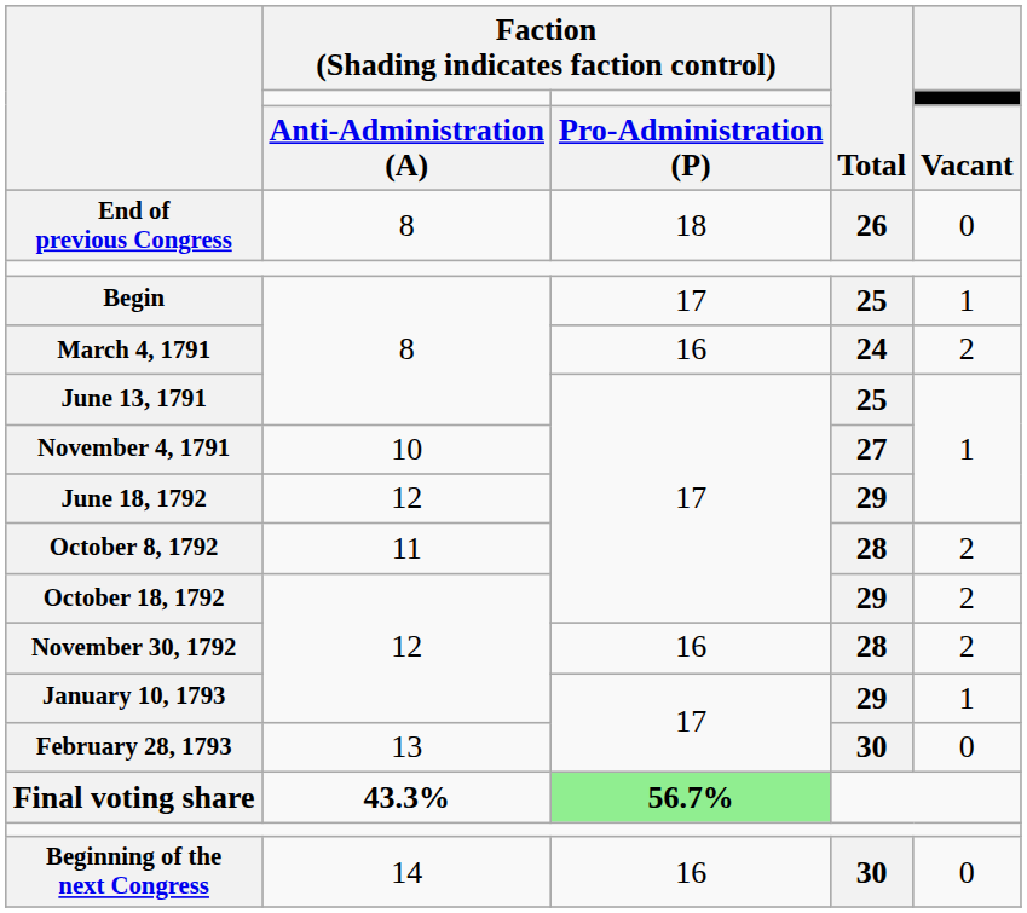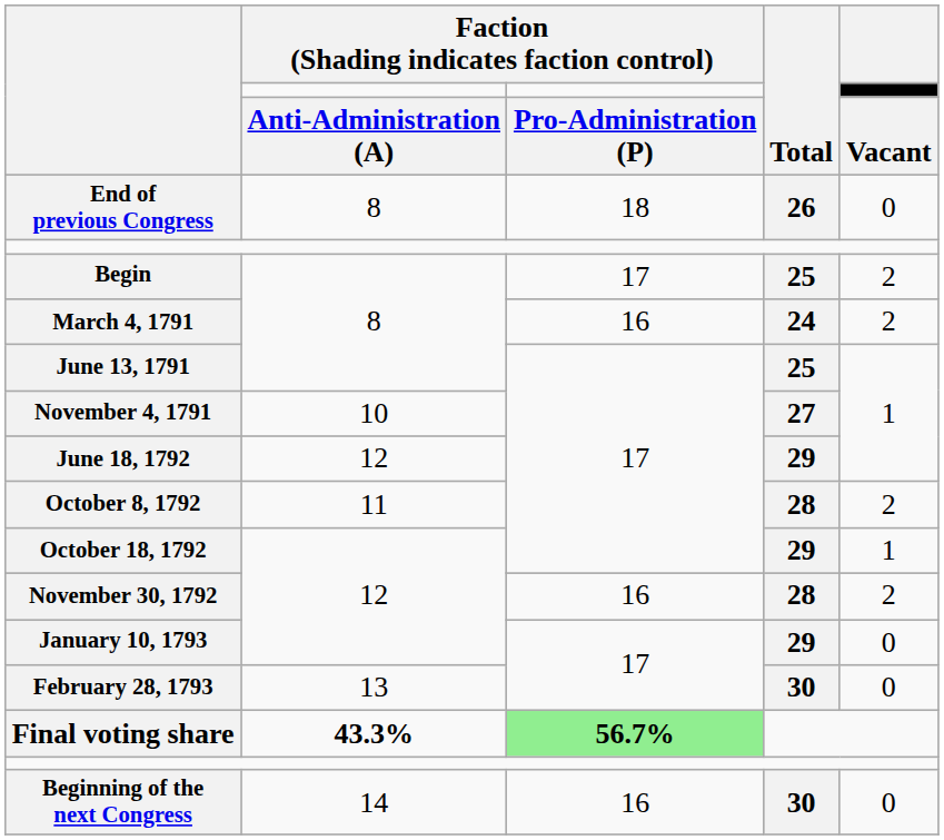 <table class=wikitable style="text-align:center">
 <tr style="vertical-align:bottom;">
 <th rowspan=3></th>
 <th colspan=2>Faction <div>(Shading indicates faction control)</div></th>
 <th rowspan=3>Total</th>
 <th></th>
 </tr>
 <tr style="height:5px">
 <td style="background-color:"></td>
 <td style="background-color:"></td>
 <td style="background-color:black"></td>
 </tr>
 <tr valign= bottom>
 <th><a href='#'>Anti-Administration</a><br>(A)</th>
 <th><a href='#'>Pro-Administration</a><br>(P)</th>
 <th>Vacant</th>
 </tr>
 <tr>
 <th nowrap style="font-size:80%">End of<br><a href='#'>previous Congress</a></th>
 <td>8</td>
 <td>18</td>
 <th>26</th>
 <td>0</td>
 </tr>
 <tr>
 <td colspan=5></td>
 </tr>
 <tr>
 <th nowrap style="font-size:80%">Begin</th>
 <td rowspan=3>8</td>
 <td>17</td>
 <th>25</th>
-<td>1</td>
+<td>2</td>
 </tr>
 <tr>
 <th nowrap style="font-size:80%">March 4, 1791</th>
 <td>16</td>
 <th>24</th>
 <td>2</td>
 </tr>
 <tr>
 <th nowrap style="font-size:80%">June 13, 1791</th>
 <td rowspan=5 >17</td>
 <th>25</th>
 <td rowspan=3>1</td>
 </tr>
 <tr>
 <th nowrap style="font-size:80%">November 4, 1791</th>
 <td>10</td>
 <th>27</th>
 </tr>
 <tr>
 <th nowrap style="font-size:80%">June 18, 1792</th>
 <td>12</td>
 <th>29</th>
 </tr>
 <tr>
 <th nowrap style="font-size:80%">October 8, 1792</th>
 <td>11</td>
 <th>28</th>
 <td>2</td>
 </tr>
 <tr>
 <th nowrap style="font-size:80%">October 18, 1792</th>
 <td rowspan=3>12</td>
 <th>29</th>
-<td>2</td>
+<td>1</td>
 </tr>
 <tr>
 <th nowrap style="font-size:80%">November 30, 1792</th>
 <td>16</td>
 <th>28</th>
 <td>2</td>
 </tr>
 <tr>
 <th nowrap style="font-size:80%">January 10, 1793</th>
 <td rowspan=2 >17</td>
 <th>29</th>
-<td>1</td>
+<td>0</td>
 </tr>
 <tr>
 <th nowrap style="font-size:80%">February 28, 1793</th>
 <td>13</td>
 <th>30</th>
 <td>0</td>
 </tr>
 <tr>
 <th>Final voting share</th>
 <td><strong>43.3%</strong></td>
 <td style="background: lightgreen;"><strong>56.7%</strong></td>
 <td colspan=3></td>
 </tr>
 <tr>
 <td colspan=5></td>
 </tr>
 <tr>
 <th nowrap style="font-size:80%">Beginning of the<br><a href='#'>next Congress</a></th>
 <td>14</td>
 <td>16</td>
 <th>30</th>
 <td>0</td>
 </tr>
 </table>
